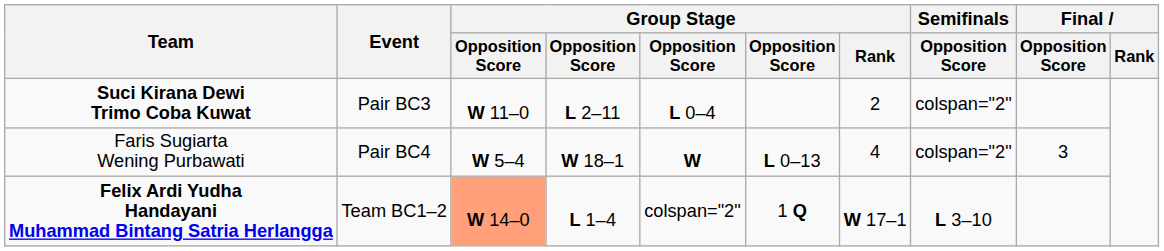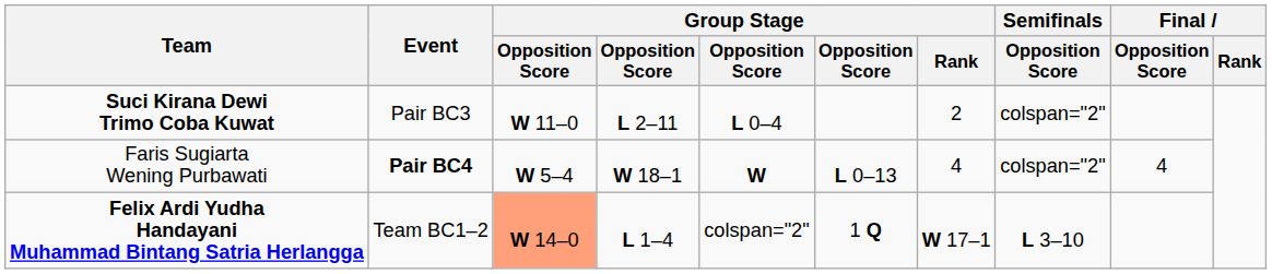 <table class="wikitable" style="font-size:85%">
 <tr>
 <th rowspan=2>Team</th>
 <th rowspan=2>Event</th>
 <th colspan=5>Group Stage</th>
 <th>Semifinals</th>
 <th colspan=2>Final / </th>
 </tr>
 <tr style="font-size:90%">
 <th>Opposition<br>Score</th>
 <th>Opposition<br>Score</th>
 <th>Opposition<br>Score</th>
 <th>Opposition<br>Score</th>
 <th>Rank</th>
 <th>Opposition<br>Score</th>
 <th>Opposition<br>Score</th>
 <th>Rank</th>
 </tr>
 <tr align=center>
 <td align=center><strong>Suci Kirana Dewi<br>Trimo Coba Kuwat</strong></td>
 <td align=center>Pair BC3</td>
 <td align=center><br><strong>W</strong> 11–0</td>
 <td align=center><br><strong>L</strong> 2–11</td>
 <td align=center><br><strong>L</strong> 0–4</td>
 <td></td>
 <td>2</td>
 <td>colspan="2" </td>
 <td></td>
 </tr>
 <tr align=center>
 <td align=center>Faris Sugiarta<br>Wening Purbawati</td>
-<td align=center>Pair BC4</td>
+<td align=center><strong>Pair BC4</strong></td>
 <td align=center><br><strong>W</strong> 5–4</td>
 <td align=center><br><strong>W</strong> 18–1</td>
 <td align=center><br><strong>W</strong></td>
 <td align=center><br><strong>L</strong> 0–13</td>
 <td>4</td>
 <td>colspan="2" </td>
-<td>3</td>
+<td>4</td>
 </tr>
 <tr align=center>
 <td align=center><strong>Felix Ardi Yudha<br>Handayani<br><a href='#'>Muhammad Bintang Satria Herlangga</a></strong></td>
 <td align=center>Team BC1–2</td>
 <td align=center style="background: lightsalmon;"><br><strong>W</strong> 14–0</td>
 <td align=center><br><strong>L</strong> 1–4</td>
 <td>colspan="2"</td>
 <td>1 <strong>Q</strong></td>
 <td align=center><br><strong>W</strong> 17–1</td>
 <td align=center><br><strong>L</strong> 3–10</td>
 <td></td>
 </tr>
 </table>
